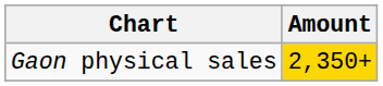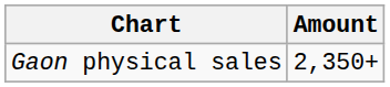 <table class="wikitable">
 <tr>
 <th>Chart</th>
 <th>Amount</th>
 </tr>
 <tr>
 <td><em>Gaon</em> physical sales</td>
-<td align="center" style="background: gold;">2,350+</td>
+<td align="center">2,350+</td>
 </tr>
 </table>
